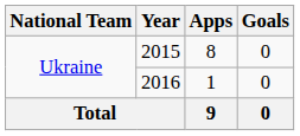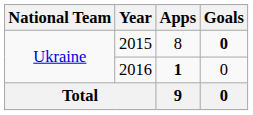 <table class="wikitable" style="text-align: center;">
 <tr>
 <th>National Team</th>
 <th>Year</th>
 <th>Apps</th>
 <th>Goals</th>
 </tr>
 <tr>
 <td rowspan="2"><a href='#'>Ukraine</a></td>
 <td>2015</td>
 <td>8</td>
-<td>0</td>
+<td><strong>0</strong></td>
 </tr>
 <tr>
 <td>2016</td>
-<td>1</td>
+<td><strong>1</strong></td>
 <td>0</td>
 </tr>
 <tr>
 <th colspan="2">Total</th>
 <th>9</th>
 <th>0</th>
 </tr>
 </table>
